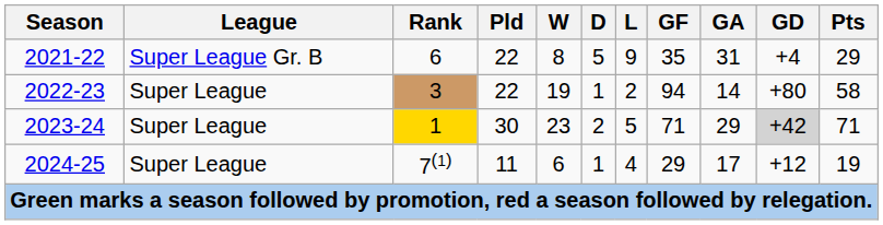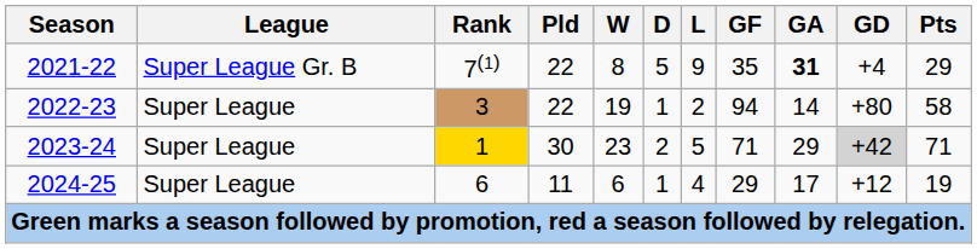 <table class="wikitable">
 <tr>
 <th>Season</th>
 <th>League</th>
 <th>Rank</th>
 <th>Pld</th>
 <th>W</th>
 <th>D</th>
 <th>L</th>
 <th>GF</th>
 <th>GA</th>
 <th>GD</th>
 <th>Pts</th>
 </tr>
 <tr align=center>
 <td><a href='#'>2021-22</a></td>
 <td align=left><a href='#'>Super League</a> Gr. B</td>
-<td>6</td>
+<td>7<sup>(<small>1</small>)</sup></td>
 <td>22</td>
 <td>8</td>
 <td>5</td>
 <td>9</td>
 <td>35</td>
-<td>31</td>
+<td><strong>31</strong></td>
 <td>+4</td>
 <td>29</td>
 </tr>
 <tr align=center>
 <td><a href='#'>2022-23</a></td>
 <td align=left>Super League</td>
 <td bgcolor=cc9966>3</td>
 <td>22</td>
 <td>19</td>
 <td>1</td>
 <td>2</td>
 <td>94</td>
 <td>14</td>
 <td>+80</td>
 <td>58</td>
 </tr>
 <tr align=center>
 <td><a href='#'>2023-24</a></td>
 <td align=left>Super League</td>
 <td bgcolor=gold>1</td>
 <td>30</td>
 <td>23</td>
 <td>2</td>
 <td>5</td>
 <td>71</td>
 <td>29</td>
 <td style="background: lightgrey;">+42</td>
 <td>71</td>
 </tr>
 <tr align=center>
 <td><a href='#'>2024-25</a></td>
 <td align=left>Super League</td>
-<td>7<sup>(<small>1</small>)</sup></td>
+<td>6</td>
 <td>11</td>
 <td>6</td>
 <td>1</td>
 <td>4</td>
 <td>29</td>
 <td>17</td>
 <td>+12</td>
 <td>19</td>
 </tr>
 <tr bgcolor=#abcdef>
 <td colspan=11 align=center><strong>Green marks a season followed by promotion, red a season followed by relegation.</strong></td>
 </tr>
 </table>
